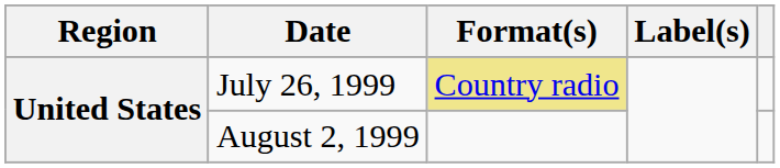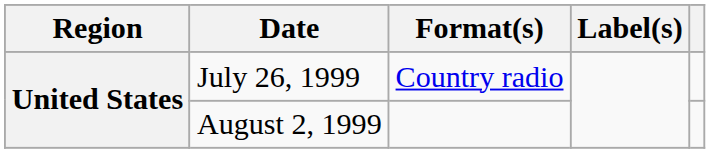 <table class="wikitable plainrowheaders">
 <tr>
 <th scope="col">Region</th>
 <th scope="col">Date</th>
 <th scope="col">Format(s)</th>
 <th scope="col">Label(s)</th>
 <th scope="col"></th>
 </tr>
 <tr>
 <th scope="row" rowspan="2">United States</th>
 <td>July 26, 1999</td>
-<td style="background: khaki;"><a href='#'>Country radio</a></td>
+<td><a href='#'>Country radio</a></td>
 <td rowspan="2"></td>
 <td align="center"></td>
 </tr>
 <tr>
 <td>August 2, 1999</td>
 <td></td>
 <td align="center"></td>
 </tr>
 </table>
